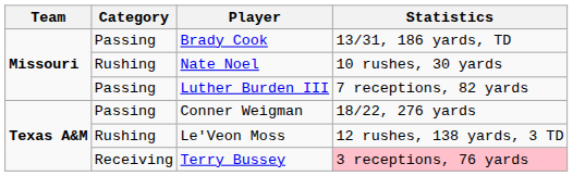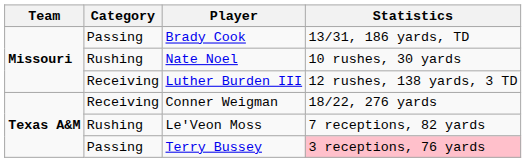 <table class="wikitable" style="float: right;">
 <tr>
 <th>Team</th>
 <th>Category</th>
 <th>Player</th>
 <th>Statistics</th>
 </tr>
 <tr>
 <td rowspan=3><strong>Missouri</strong></td>
 <td>Passing</td>
 <td><a href='#'>Brady Cook</a></td>
 <td>13/31, 186 yards, TD</td>
 </tr>
 <tr>
 <td>Rushing</td>
 <td><a href='#'>Nate Noel</a></td>
 <td>10 rushes, 30 yards</td>
 </tr>
 <tr>
-<td>Passing</td>
+<td>Receiving</td>
 <td><a href='#'>Luther Burden III</a></td>
-<td>7 receptions, 82 yards</td>
+<td>12 rushes, 138 yards, 3 TD</td>
 </tr>
 <tr>
 <td rowspan=3><strong>Texas A&M</strong></td>
-<td>Passing</td>
+<td>Receiving</td>
 <td>Conner Weigman</td>
 <td>18/22, 276 yards</td>
 </tr>
 <tr>
 <td>Rushing</td>
 <td>Le'Veon Moss</td>
-<td>12 rushes, 138 yards, 3 TD</td>
+<td>7 receptions, 82 yards</td>
 </tr>
 <tr>
-<td>Receiving</td>
+<td>Passing</td>
 <td><a href='#'>Terry Bussey</a></td>
 <td style="background: pink;">3 receptions, 76 yards</td>
 </tr>
 </table>
